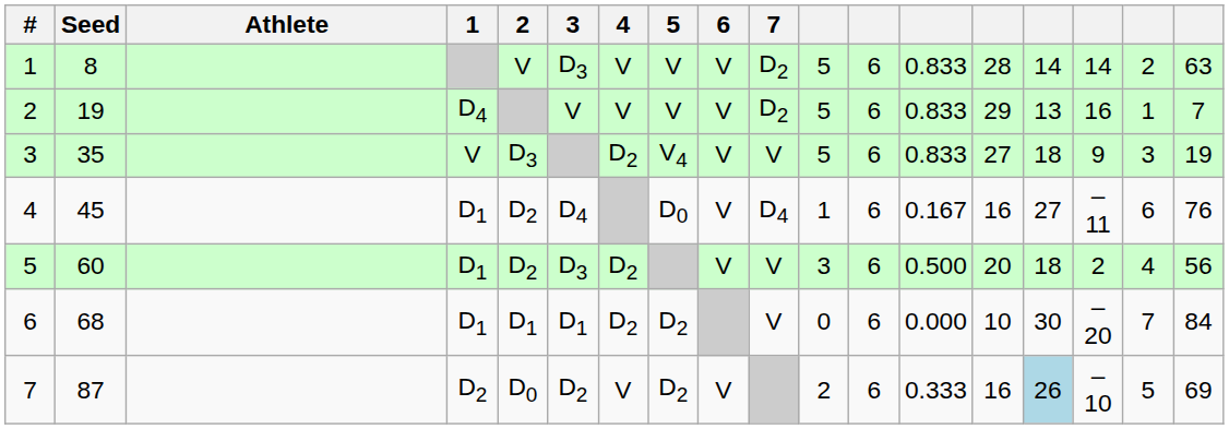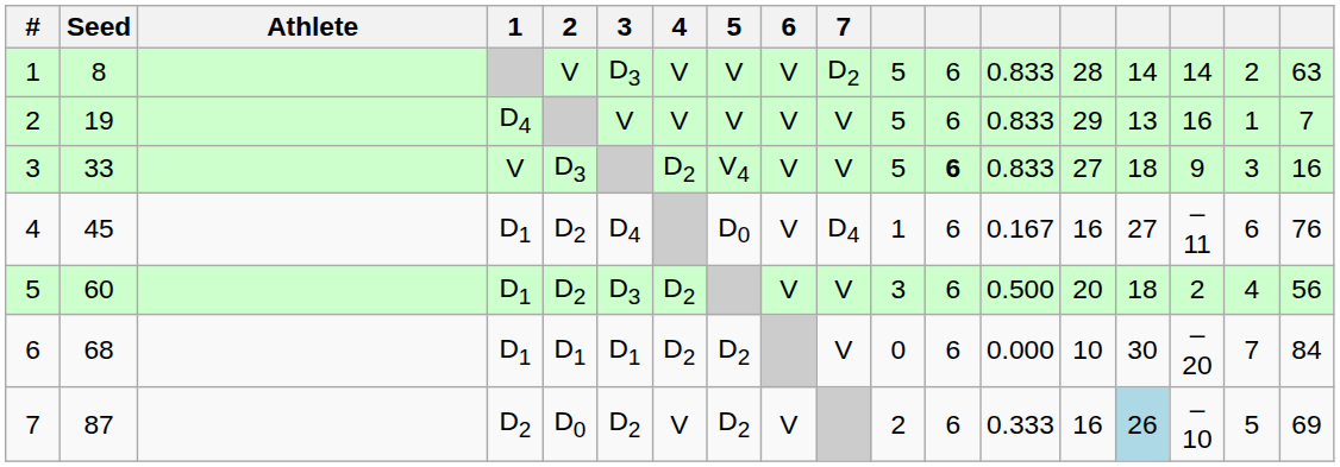 <table class="wikitable" style="text-align:center">
 <tr>
 <th width="25">#</th>
 <th width="25">Seed</th>
 <th width="200">Athlete</th>
 <th width="25">1</th>
 <th width="25">2</th>
 <th width="25">3</th>
 <th width="25">4</th>
 <th width="25">5</th>
 <th width="25">6</th>
 <th width="25">7</th>
 <th width="25"></th>
 <th width="25"></th>
 <th width="40"></th>
 <th width="25"></th>
 <th width="25"></th>
 <th width="25"></th>
 <th width="25"></th>
 <th width="25"></th>
 </tr>
 <tr bgcolor="#ccffcc">
 <td>1</td>
 <td>8</td>
 <td align=left></td>
 <td bgcolor="#cccccc"></td>
 <td>V</td>
 <td>D<sub>3</sub></td>
 <td>V</td>
 <td>V</td>
 <td>V</td>
 <td>D<sub>2</sub></td>
 <td>5</td>
 <td>6</td>
 <td>0.833</td>
 <td>28</td>
 <td>14</td>
 <td>14</td>
 <td>2</td>
 <td>63</td>
 </tr>
 <tr bgcolor="#ccffcc">
 <td>2</td>
 <td>19</td>
 <td align=left></td>
 <td>D<sub>4</sub></td>
 <td bgcolor="#cccccc"></td>
 <td>V</td>
 <td>V</td>
 <td>V</td>
 <td>V</td>
-<td>D<sub>2</sub></td>
+<td>V</td>
 <td>5</td>
 <td>6</td>
 <td>0.833</td>
 <td>29</td>
 <td>13</td>
 <td>16</td>
 <td>1</td>
 <td>7</td>
 </tr>
 <tr bgcolor="#ccffcc">
 <td>3</td>
-<td>35</td>
+<td>33</td>
 <td align=left></td>
 <td>V</td>
 <td>D<sub>3</sub></td>
 <td bgcolor="#cccccc"></td>
 <td>D<sub>2</sub></td>
 <td>V<sub>4</sub></td>
 <td>V</td>
 <td>V</td>
 <td>5</td>
-<td>6</td>
+<td><strong>6</strong></td>
 <td>0.833</td>
 <td>27</td>
 <td>18</td>
 <td>9</td>
 <td>3</td>
-<td>19</td>
+<td>16</td>
 </tr>
 <tr>
 <td>4</td>
 <td>45</td>
 <td align=left></td>
 <td>D<sub>1</sub></td>
 <td>D<sub>2</sub></td>
 <td>D<sub>4</sub></td>
 <td bgcolor="#cccccc"></td>
 <td>D<sub>0</sub></td>
 <td>V</td>
 <td>D<sub>4</sub></td>
 <td>1</td>
 <td>6</td>
 <td>0.167</td>
 <td>16</td>
 <td>27</td>
 <td>–11</td>
 <td>6</td>
 <td>76</td>
 </tr>
 <tr bgcolor="#ccffcc">
 <td>5</td>
 <td>60</td>
 <td align=left></td>
 <td>D<sub>1</sub></td>
 <td>D<sub>2</sub></td>
 <td>D<sub>3</sub></td>
 <td>D<sub>2</sub></td>
 <td bgcolor="#cccccc"></td>
 <td>V</td>
 <td>V</td>
 <td>3</td>
 <td>6</td>
 <td>0.500</td>
 <td>20</td>
 <td>18</td>
 <td>2</td>
 <td>4</td>
 <td>56</td>
 </tr>
 <tr>
 <td>6</td>
 <td>68</td>
 <td align=left></td>
 <td>D<sub>1</sub></td>
 <td>D<sub>1</sub></td>
 <td>D<sub>1</sub></td>
 <td>D<sub>2</sub></td>
 <td>D<sub>2</sub></td>
 <td bgcolor="#cccccc"></td>
 <td>V</td>
 <td>0</td>
 <td>6</td>
 <td>0.000</td>
 <td>10</td>
 <td>30</td>
 <td>–20</td>
 <td>7</td>
 <td>84</td>
 </tr>
 <tr>
 <td>7</td>
 <td>87</td>
 <td align=left></td>
 <td>D<sub>2</sub></td>
 <td>D<sub>0</sub></td>
 <td>D<sub>2</sub></td>
 <td>V</td>
 <td>D<sub>2</sub></td>
 <td>V</td>
 <td bgcolor="#cccccc"></td>
 <td>2</td>
 <td>6</td>
 <td>0.333</td>
 <td>16</td>
 <td style="background: lightblue;">26</td>
 <td>–10</td>
 <td>5</td>
 <td>69</td>
 </tr>
 </table>
